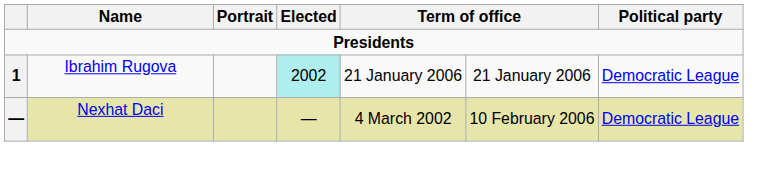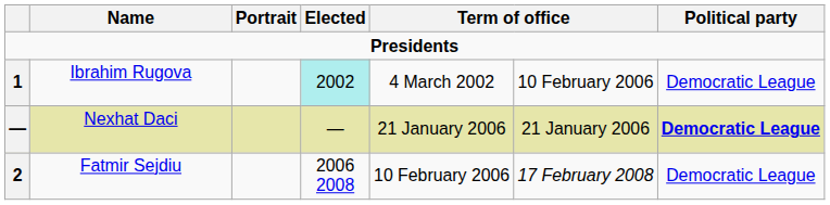 <table class="wikitable" style="text-align:center">
 <tr>
 <th></th>
 <th width=180>Name<br></th>
 <th>Portrait</th>
 <th>Elected</th>
 <th colspan=2>Term of office</th>
 <th>Political party</th>
 </tr>
 <tr>
 <td style="text-align:center;" colspan="7"><strong>Presidents</strong><br></td>
 </tr>
 <tr>
 <th style="background-color:">1</th>
 <td><a href='#'>Ibrahim Rugova</a><br><br></td>
 <td></td>
 <td style="background: paleturquoise;">2002</td>
-<td>21 January 2006</td>
-<td>21 January 2006<br></td>
+<td>4 March 2002</td>
+<td>10 February 2006</td>
 <td><a href='#'>Democratic League</a></td>
 </tr>
 <tr style="background:#e6e6aa;">
 <th style="background-color:">—</th>
 <td><a href='#'>Nexhat Daci</a><br><br></td>
 <td></td>
 <td>—</td>
-<td>4 March 2002</td>
+<td>21 January 2006</td>
+<td>21 January 2006<br></td>
+<td><strong><a href='#'>Democratic League</a></strong></td>
+</tr>
+<tr>
+<th style="background-color:">2</th>
+<td><a href='#'>Fatmir Sejdiu</a><br><br></td>
+<td></td>
+<td>2006<br><a href='#'>2008</a></td>
 <td>10 February 2006</td>
+<td><em>17 February 2008</em></td>
 <td><a href='#'>Democratic League</a></td>
 </tr>
 </table>
